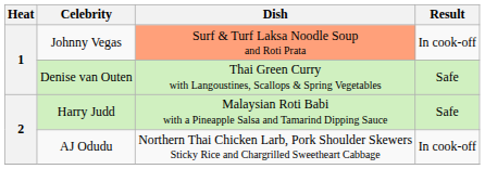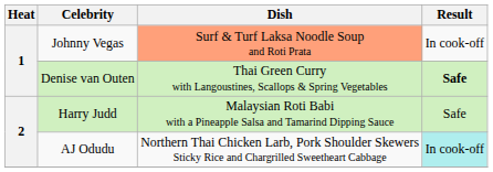 <table class="wikitable" style="text-align:center;">
 <tr>
 <th>Heat</th>
 <th>Celebrity</th>
 <th>Dish</th>
 <th>Result</th>
 </tr>
 <tr>
 <th rowspan="2">1</th>
 <td>Johnny Vegas</td>
 <td style="background: lightsalmon;">Surf & Turf Laksa Noodle Soup<br><small>and Roti Prata</small></td>
 <td>In cook-off</td>
 </tr>
 <tr>
 <td style="background:#d0f0c0;">Denise van Outen</td>
 <td style="background:#d0f0c0;">Thai Green Curry<br><small>with Langoustines, Scallops & Spring Vegetables</small></td>
-<td style="background:#d0f0c0;">Safe</td>
+<td style="background:#d0f0c0;"><strong>Safe</strong></td>
 </tr>
 <tr>
 <th rowspan="2">2</th>
 <td style="background:#d0f0c0;">Harry Judd</td>
 <td style="background:#d0f0c0;">Malaysian Roti Babi<br><small>with a Pineapple Salsa and Tamarind Dipping Sauce</small></td>
 <td style="background:#d0f0c0;">Safe</td>
 </tr>
 <tr>
 <td>AJ Odudu</td>
 <td>Northern Thai Chicken Larb, Pork Shoulder Skewers<br><small>Sticky Rice and Chargrilled Sweetheart Cabbage</small></td>
-<td>In cook-off</td>
+<td style="background: paleturquoise;">In cook-off</td>
 </tr>
 <tr>
 </tr>
 </table>
